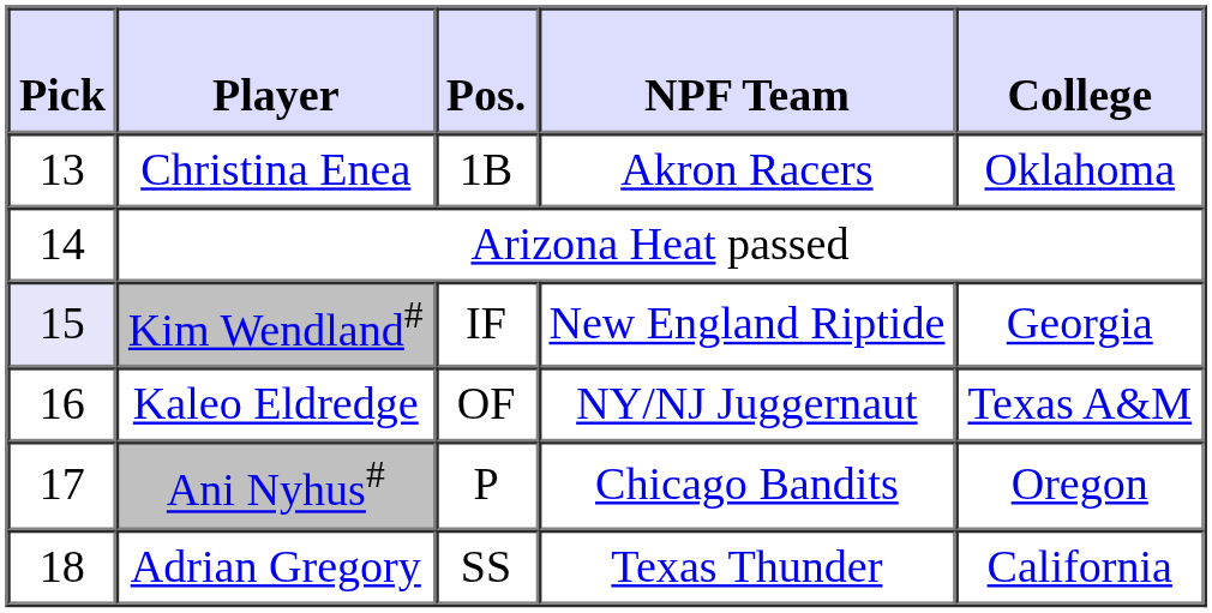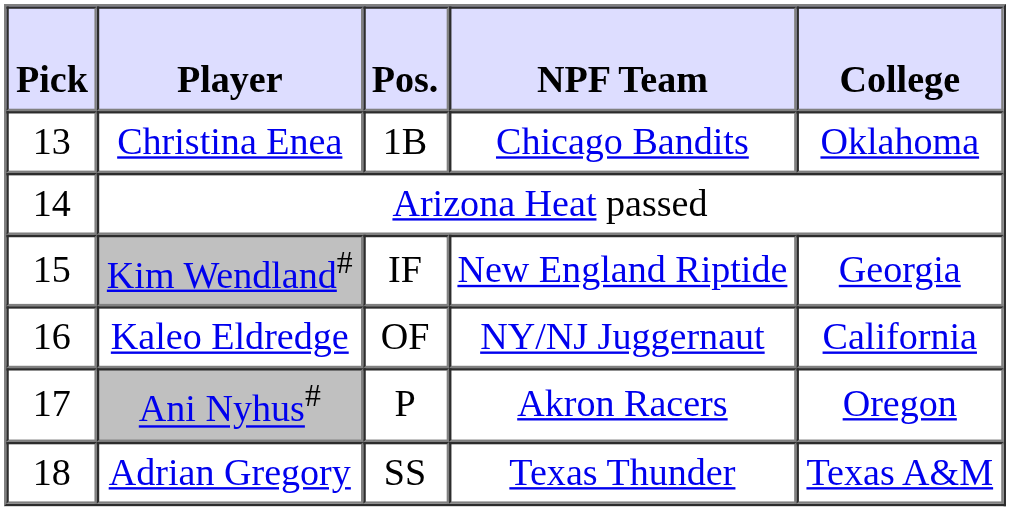 <table style="text-align: center" border="1" cellpadding="3" cellspacing="0">
 <tr>
 <th style="background:#ddf;"><br>Pick</th>
 <th style="background:#ddf;"><br>Player</th>
 <th style="background:#ddf;"><br>Pos.</th>
 <th style="background:#ddf;"><br>NPF Team</th>
 <th style="background:#ddf;"><br>College</th>
 </tr>
 <tr>
 <td>13</td>
 <td><a href='#'>Christina Enea</a></td>
 <td>1B</td>
-<td><a href='#'>Akron Racers</a></td>
+<td><a href='#'>Chicago Bandits</a></td>
 <td><a href='#'>Oklahoma</a></td>
 </tr>
 <tr>
 <td>14</td>
 <td colspan=4><a href='#'>Arizona Heat</a> passed</td>
 </tr>
 <tr>
-<td style="background: lavender;">15</td>
+<td>15</td>
 <td style="background:#C0C0C0;"><a href='#'>Kim Wendland</a><sup>#</sup></td>
 <td>IF</td>
 <td><a href='#'>New England Riptide</a></td>
 <td><a href='#'>Georgia</a></td>
 </tr>
 <tr>
 <td>16</td>
 <td><a href='#'>Kaleo Eldredge</a></td>
 <td>OF</td>
 <td><a href='#'>NY/NJ Juggernaut</a></td>
-<td><a href='#'>Texas A&M</a></td>
+<td><a href='#'>California</a></td>
 </tr>
 <tr>
 <td>17</td>
 <td style="background:#C0C0C0;"><a href='#'>Ani Nyhus</a><sup>#</sup></td>
 <td>P</td>
-<td><a href='#'>Chicago Bandits</a></td>
+<td><a href='#'>Akron Racers</a></td>
 <td><a href='#'>Oregon</a></td>
 </tr>
 <tr>
 <td>18</td>
 <td><a href='#'>Adrian Gregory</a></td>
 <td>SS</td>
 <td><a href='#'>Texas Thunder</a></td>
-<td><a href='#'>California</a></td>
+<td><a href='#'>Texas A&M</a></td>
 </tr>
 </table>
